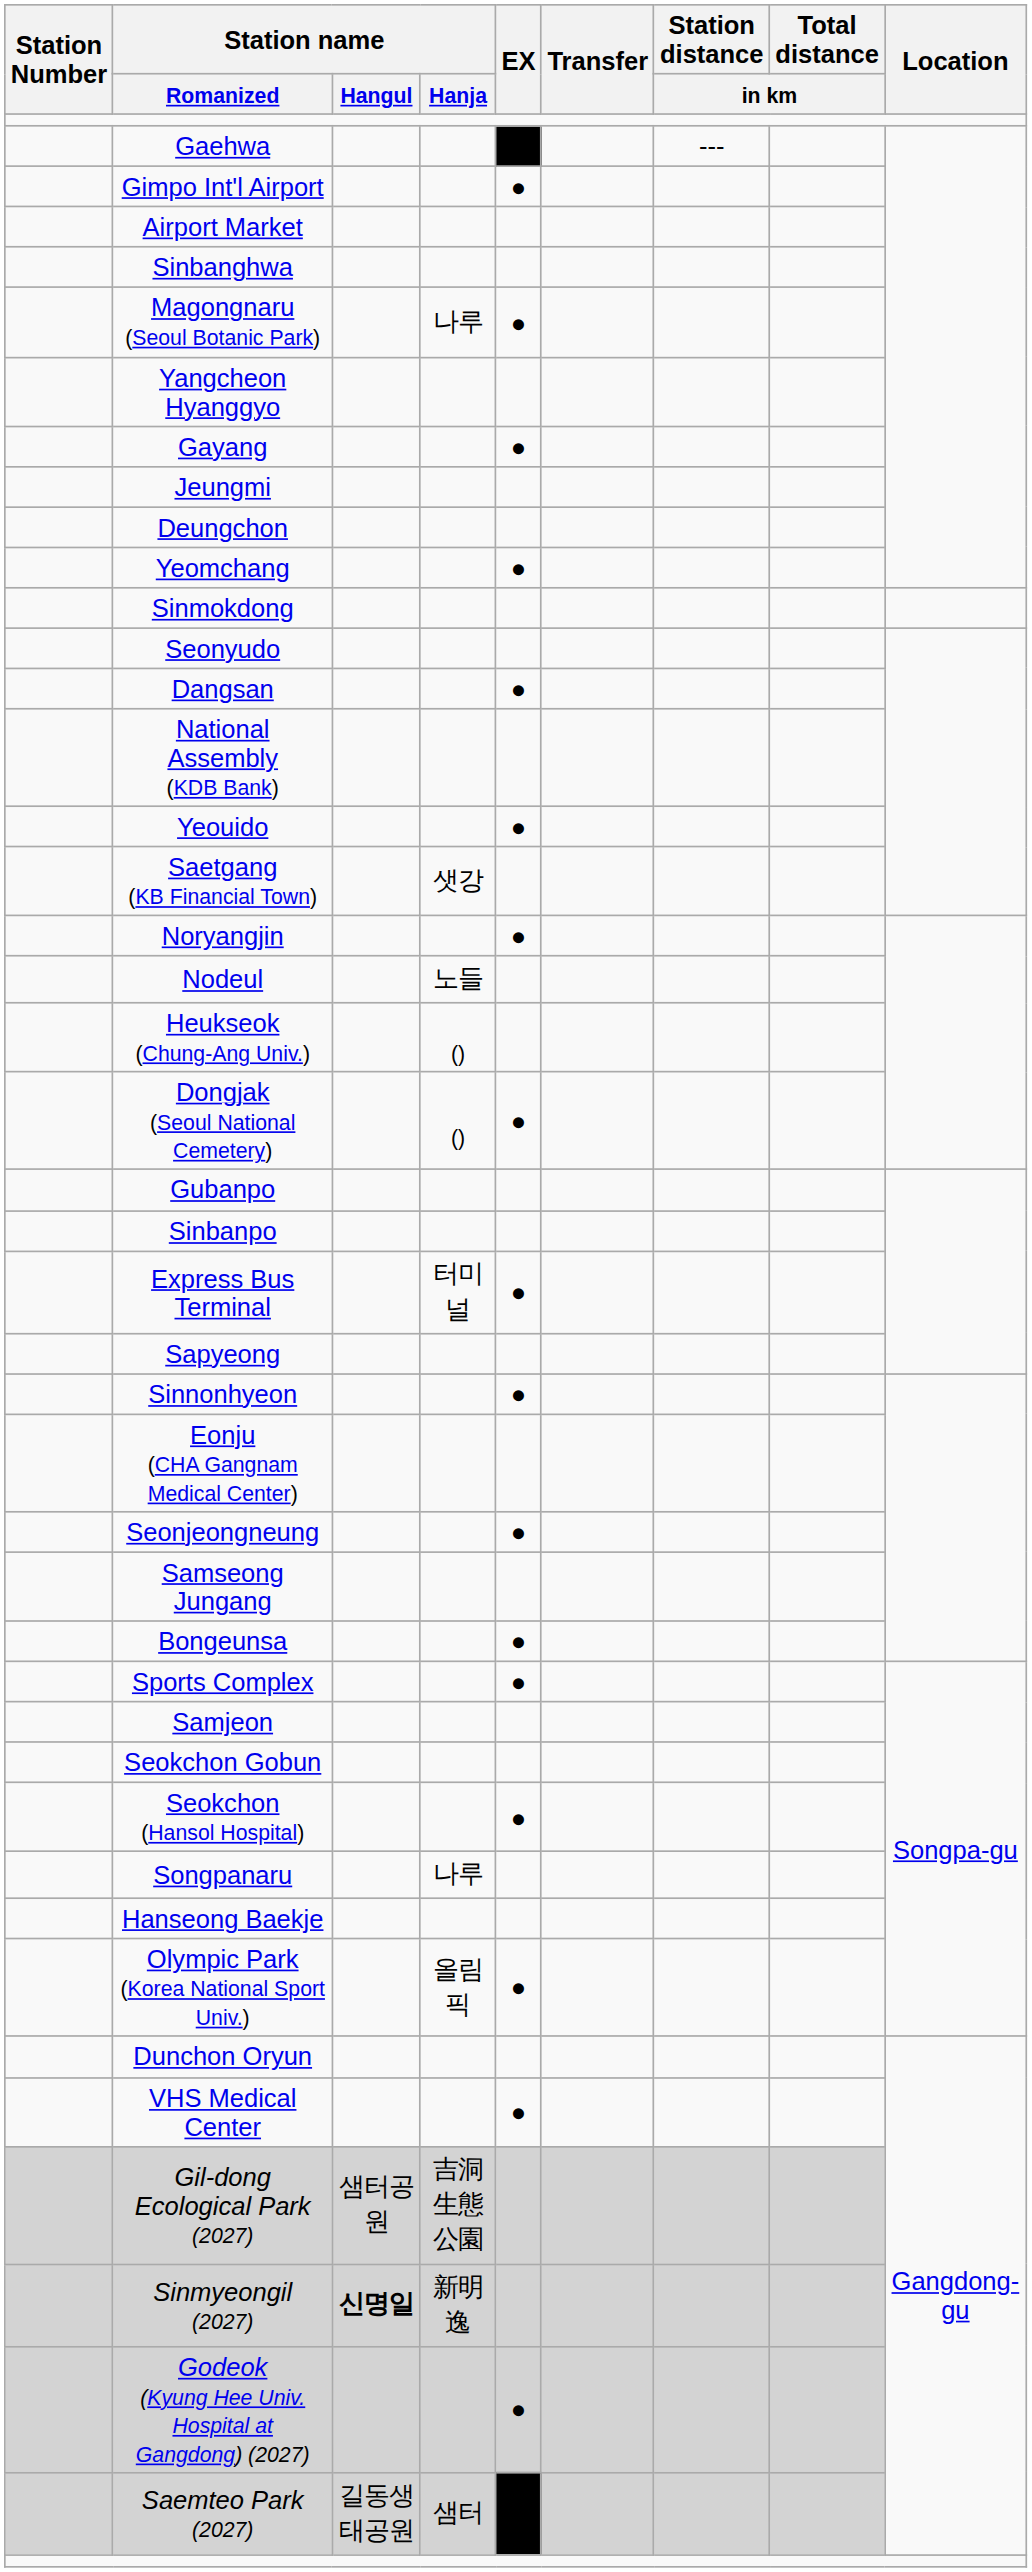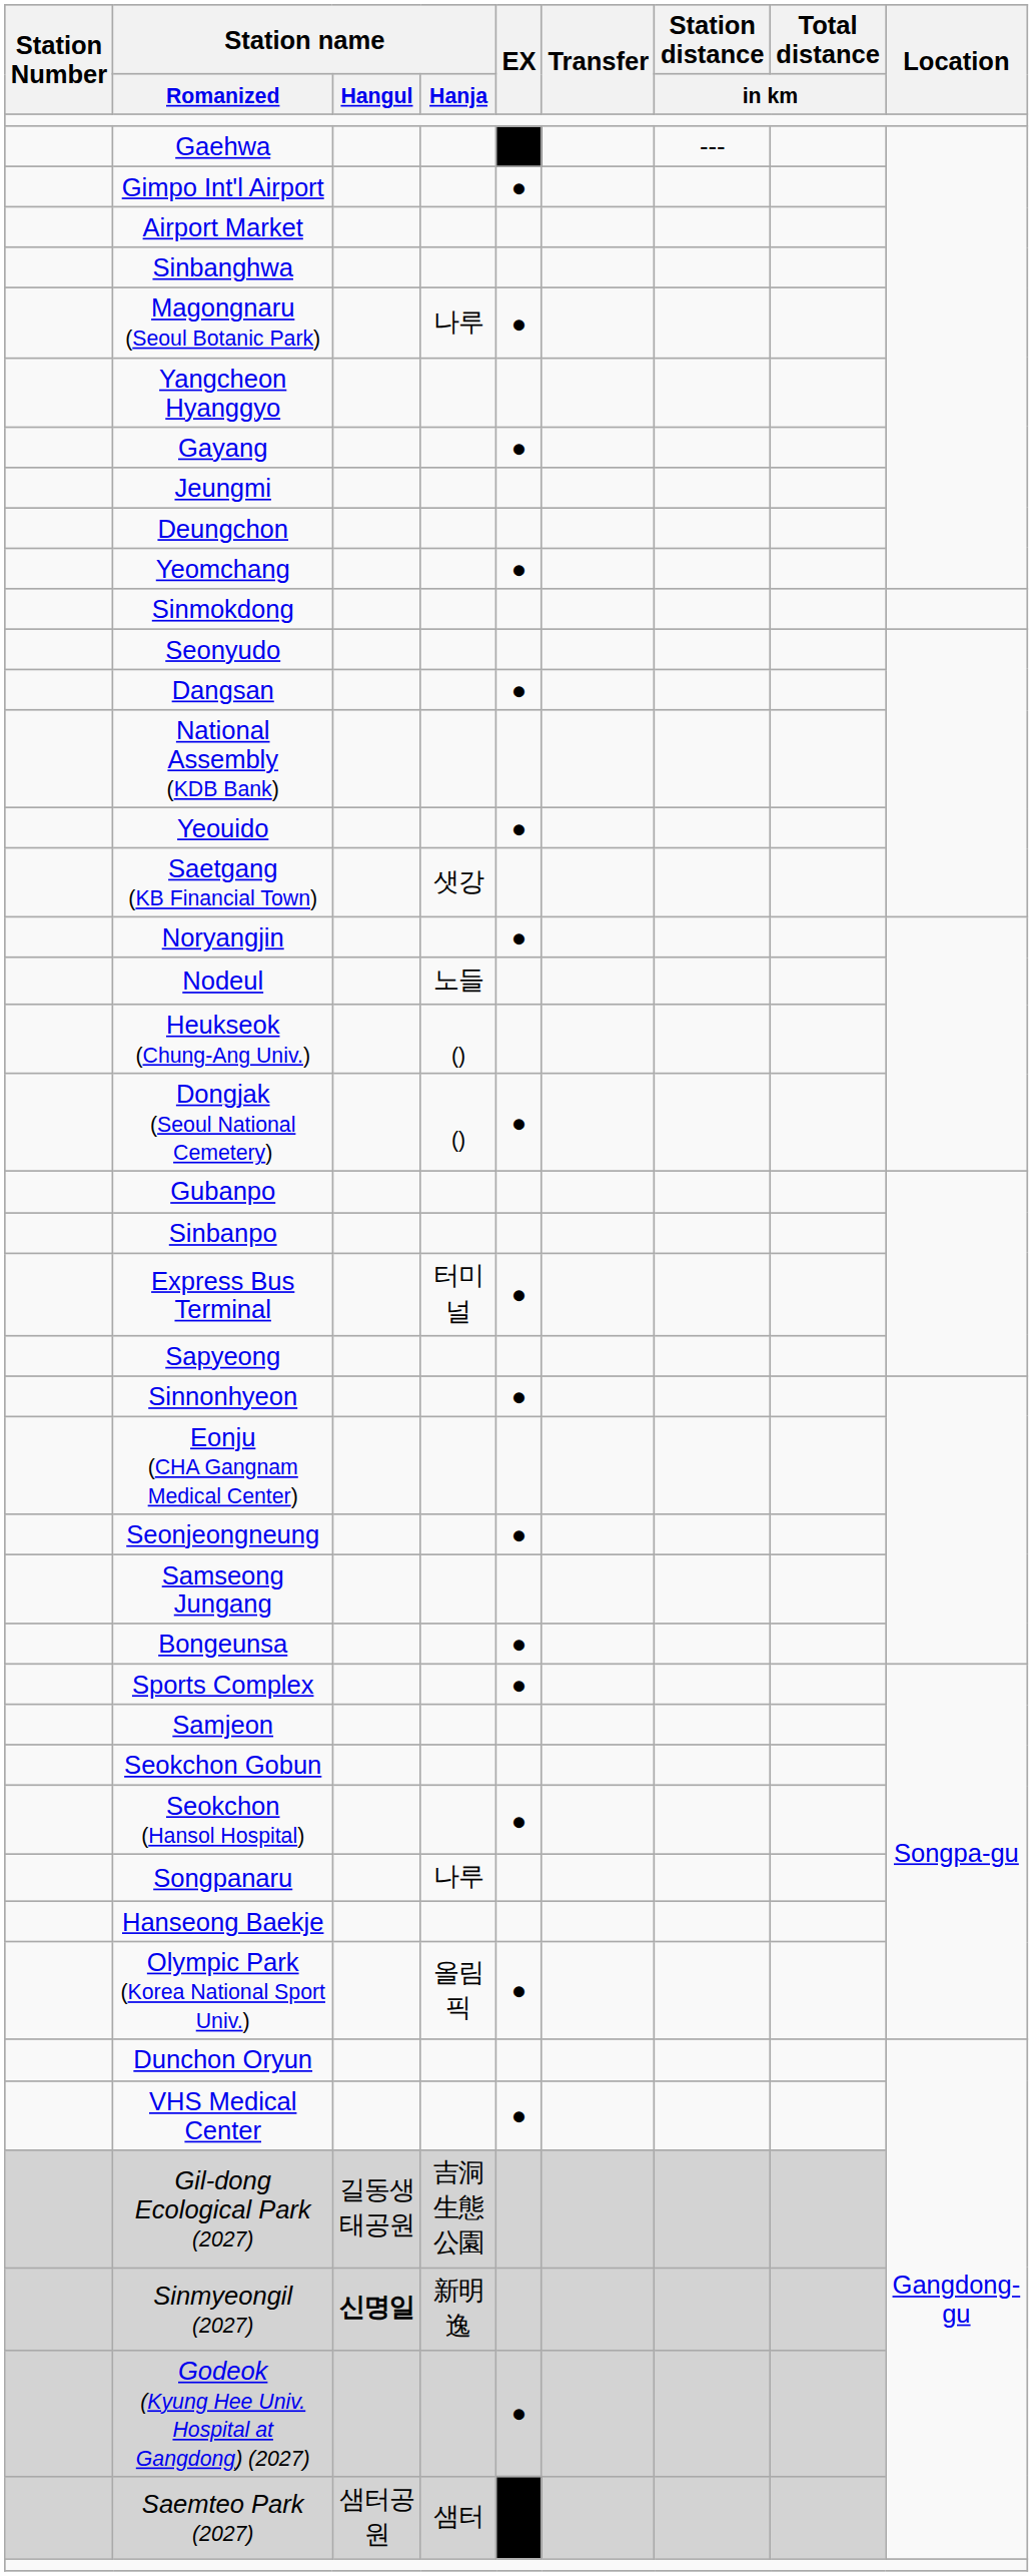 <table class="wikitable" style="font-size: 95%; text-align: center;">
 <tr>
 <th rowspan="2"><strong>Station<br>Number</strong></th>
 <th colspan="3"><strong>Station name</strong></th>
 <th rowspan="2"><div><span><strong>EX</strong></span></div></th>
 <th rowspan="2"><strong>Transfer</strong></th>
 <th><strong>Station<br>distance</strong></th>
 <th><strong>Total<br>distance</strong></th>
 <th rowspan="2"><strong>Location</strong></th>
 </tr>
 <tr>
 <th><small><a href='#'>Romanized</a></small></th>
 <th><small><a href='#'>Hangul</a></small></th>
 <th><small><a href='#'>Hanja</a></small></th>
 <th colspan="2"><small>in km</small></th>
 </tr>
 <tr style="background:#">
 <td colspan="11"></td>
 </tr>
 <tr>
 <td></td>
 <td><a href='#'>Gaehwa</a></td>
 <td></td>
 <td></td>
 <td style="background: black;"></td>
 <td></td>
 <td>---</td>
 <td></td>
 <td rowspan="10"></td>
 </tr>
 <tr>
 <td></td>
 <td><a href='#'>Gimpo Int'l Airport</a></td>
 <td></td>
 <td></td>
 <td><div><span>●</span></div></td>
 <td>   </td>
 <td></td>
 <td></td>
 </tr>
 <tr>
 <td></td>
 <td><a href='#'>Airport Market</a></td>
 <td></td>
 <td></td>
 <td><div><span></span></div></td>
 <td></td>
 <td></td>
 <td></td>
 </tr>
 <tr>
 <td></td>
 <td><a href='#'>Sinbanghwa</a></td>
 <td></td>
 <td></td>
 <td><div><span></span></div></td>
 <td></td>
 <td></td>
 <td></td>
 </tr>
 <tr>
 <td></td>
 <td><a href='#'>Magongnaru</a> <br><small>(<a href='#'>Seoul Botanic Park</a>)</small></td>
 <td></td>
 <td>나루</td>
 <td><div><span>●</span></div></td>
 <td><em></em></td>
 <td></td>
 <td></td>
 </tr>
 <tr>
 <td></td>
 <td><a href='#'>Yangcheon Hyanggyo</a></td>
 <td></td>
 <td></td>
 <td><div><span></span></div></td>
 <td></td>
 <td></td>
 <td></td>
 </tr>
 <tr>
 <td></td>
 <td><a href='#'>Gayang</a></td>
 <td></td>
 <td></td>
 <td><div><span>●</span></div></td>
 <td></td>
 <td></td>
 <td></td>
 </tr>
 <tr>
 <td></td>
 <td><a href='#'>Jeungmi</a></td>
 <td></td>
 <td></td>
 <td><div><span></span></div></td>
 <td></td>
 <td></td>
 <td></td>
 </tr>
 <tr>
 <td></td>
 <td><a href='#'>Deungchon</a></td>
 <td></td>
 <td></td>
 <td><div><span></span></div></td>
 <td></td>
 <td></td>
 <td></td>
 </tr>
 <tr>
 <td></td>
 <td><a href='#'>Yeomchang</a></td>
 <td></td>
 <td></td>
 <td><div><span>●</span></div></td>
 <td></td>
 <td></td>
 <td></td>
 </tr>
 <tr>
 <td></td>
 <td><a href='#'>Sinmokdong</a></td>
 <td></td>
 <td></td>
 <td><div><span></span></div></td>
 <td></td>
 <td></td>
 <td></td>
 <td></td>
 </tr>
 <tr>
 <td></td>
 <td><a href='#'>Seonyudo</a></td>
 <td></td>
 <td></td>
 <td><div><span></span></div></td>
 <td></td>
 <td></td>
 <td></td>
 <td rowspan="5"></td>
 </tr>
 <tr>
 <td></td>
 <td><a href='#'>Dangsan</a></td>
 <td></td>
 <td></td>
 <td><div><span>●</span></div></td>
 <td></td>
 <td></td>
 <td></td>
 </tr>
 <tr>
 <td></td>
 <td><a href='#'>National Assembly</a> <br><small>(<a href='#'>KDB Bank</a>)</small></td>
 <td></td>
 <td></td>
 <td><div><span></span></div></td>
 <td></td>
 <td></td>
 <td></td>
 </tr>
 <tr>
 <td></td>
 <td><a href='#'>Yeouido</a></td>
 <td></td>
 <td></td>
 <td><div><span>●</span></div></td>
 <td></td>
 <td></td>
 <td></td>
 </tr>
 <tr>
 <td></td>
 <td><a href='#'>Saetgang</a> <br><small>(<a href='#'>KB Financial Town</a>)</small></td>
 <td></td>
 <td>샛강</td>
 <td><div><span></span></div></td>
 <td></td>
 <td></td>
 <td></td>
 </tr>
 <tr>
 <td></td>
 <td><a href='#'>Noryangjin</a></td>
 <td></td>
 <td></td>
 <td><div><span>●</span></div></td>
 <td></td>
 <td></td>
 <td></td>
 <td rowspan="4"></td>
 </tr>
 <tr>
 <td></td>
 <td><a href='#'>Nodeul</a></td>
 <td></td>
 <td>노들</td>
 <td><div><span></span></div></td>
 <td></td>
 <td></td>
 <td></td>
 </tr>
 <tr>
 <td></td>
 <td><a href='#'>Heukseok</a> <br><small>(<a href='#'>Chung-Ang Univ.</a>)</small></td>
 <td></td>
 <td> <br><small>()</small></td>
 <td><div><span></span></div></td>
 <td></td>
 <td></td>
 <td></td>
 </tr>
 <tr>
 <td></td>
 <td><a href='#'>Dongjak</a> <br><small>(<a href='#'>Seoul National Cemetery</a>)</small></td>
 <td></td>
 <td> <br><small>()</small></td>
 <td><div><span>●</span></div></td>
 <td></td>
 <td></td>
 <td></td>
 </tr>
 <tr>
 <td></td>
 <td><a href='#'>Gubanpo</a></td>
 <td></td>
 <td></td>
 <td><div><span></span></div></td>
 <td></td>
 <td></td>
 <td></td>
 <td rowspan="4"></td>
 </tr>
 <tr>
 <td></td>
 <td><a href='#'>Sinbanpo</a></td>
 <td></td>
 <td></td>
 <td><div><span></span></div></td>
 <td></td>
 <td></td>
 <td></td>
 </tr>
 <tr>
 <td></td>
 <td><a href='#'>Express Bus Terminal</a></td>
 <td></td>
 <td>터미널</td>
 <td><div><span>●</span></div></td>
 <td> </td>
 <td></td>
 <td></td>
 </tr>
 <tr>
 <td></td>
 <td><a href='#'>Sapyeong</a></td>
 <td></td>
 <td></td>
 <td><div><span></span></div></td>
 <td></td>
 <td></td>
 <td></td>
 </tr>
 <tr>
 <td></td>
 <td><a href='#'>Sinnonhyeon</a></td>
 <td></td>
 <td></td>
 <td><div><span>●</span></div></td>
 <td><em></em></td>
 <td></td>
 <td></td>
 <td rowspan="5"></td>
 </tr>
 <tr>
 <td></td>
 <td><a href='#'>Eonju</a> <br><small>(<a href='#'>CHA Gangnam Medical Center</a>)</small></td>
 <td></td>
 <td></td>
 <td><div><span></span></div></td>
 <td></td>
 <td></td>
 <td></td>
 </tr>
 <tr>
 <td></td>
 <td><a href='#'>Seonjeongneung</a></td>
 <td></td>
 <td></td>
 <td><div><span>●</span></div></td>
 <td></td>
 <td></td>
 <td></td>
 </tr>
 <tr>
 <td></td>
 <td><a href='#'>Samseong Jungang</a></td>
 <td></td>
 <td></td>
 <td><div><span></span></div></td>
 <td></td>
 <td></td>
 <td></td>
 </tr>
 <tr>
 <td></td>
 <td><a href='#'>Bongeunsa</a></td>
 <td></td>
 <td></td>
 <td><div><span>●</span></div></td>
 <td></td>
 <td></td>
 <td></td>
 </tr>
 <tr>
 <td></td>
 <td><a href='#'>Sports Complex</a></td>
 <td></td>
 <td></td>
 <td><div><span>●</span></div></td>
 <td></td>
 <td></td>
 <td></td>
 <td rowspan="7" style="text-align:center;"><a href='#'>Songpa-gu</a></td>
 </tr>
 <tr>
 <td></td>
 <td><a href='#'>Samjeon</a></td>
 <td></td>
 <td></td>
 <td><div><span></span></div></td>
 <td></td>
 <td></td>
 <td></td>
 </tr>
 <tr>
 <td></td>
 <td><a href='#'>Seokchon Gobun</a></td>
 <td></td>
 <td></td>
 <td><div><span></span></div></td>
 <td></td>
 <td></td>
 <td></td>
 </tr>
 <tr>
 <td></td>
 <td><a href='#'>Seokchon</a> <br><small>(<a href='#'>Hansol Hospital</a>)</small></td>
 <td></td>
 <td></td>
 <td><div><span>●</span></div></td>
 <td></td>
 <td></td>
 <td></td>
 </tr>
 <tr>
 <td></td>
 <td><a href='#'>Songpanaru</a></td>
 <td></td>
 <td>나루</td>
 <td><div><span></span></div></td>
 <td></td>
 <td></td>
 <td></td>
 </tr>
 <tr>
 <td></td>
 <td><a href='#'>Hanseong Baekje</a></td>
 <td></td>
 <td></td>
 <td><div><span></span></div></td>
 <td></td>
 <td></td>
 <td></td>
 </tr>
 <tr>
 <td></td>
 <td><a href='#'>Olympic Park</a> <br><small> (<a href='#'>Korea National Sport Univ.</a>)</small></td>
 <td></td>
 <td>올림픽</td>
 <td><div><span>●</span></div></td>
 <td></td>
 <td></td>
 <td></td>
 </tr>
 <tr>
 <td></td>
 <td><a href='#'>Dunchon Oryun</a></td>
 <td></td>
 <td></td>
 <td><div><span></span></div></td>
 <td></td>
 <td></td>
 <td></td>
 <td rowspan="6" align="center"><a href='#'>Gangdong-gu</a></td>
 </tr>
 <tr>
 <td></td>
 <td><a href='#'>VHS Medical Center</a></td>
 <td></td>
 <td></td>
 <td><div><span>●</span></div></td>
 <td></td>
 <td></td>
 <td></td>
 </tr>
 <tr>
 <td bgcolor="lightgrey"></td>
 <td bgcolor="lightgrey"><em>Gil-dong Ecological Park <small>(2027)</small></em></td>
-<td bgcolor="lightgrey">샘터공원</td>
+<td bgcolor="lightgrey">길동생태공원</td>
 <td bgcolor="lightgrey">吉洞生態公園</td>
 <td bgcolor="lightgrey"><div><span></span></div></td>
 <td bgcolor="lightgrey"></td>
 <td bgcolor="lightgrey"></td>
 <td bgcolor="lightgrey"></td>
 </tr>
 <tr>
 <td bgcolor="lightgrey"></td>
 <td bgcolor="lightgrey"><em>Sinmyeongil <small>(2027)</small></em></td>
 <td bgcolor="lightgrey"><strong>신명일</strong></td>
 <td bgcolor="lightgrey">新明逸</td>
 <td bgcolor="lightgrey"><div><span></span></div></td>
 <td bgcolor="lightgrey"></td>
 <td bgcolor="lightgrey"></td>
 <td bgcolor="lightgrey"></td>
 </tr>
 <tr>
 <td bgcolor="lightgrey"></td>
 <td bgcolor="lightgrey"><em><a href='#'>Godeok</a><br><small>(<a href='#'>Kyung Hee Univ. Hospital at Gangdong</a>) (2027)</small></em></td>
 <td bgcolor="lightgrey"></td>
 <td bgcolor="lightgrey"></td>
 <td bgcolor="lightgrey"><div><span>●</span></div></td>
 <td bgcolor="lightgrey"></td>
 <td bgcolor="lightgrey"></td>
 <td bgcolor="lightgrey"></td>
 </tr>
 <tr>
 <td bgcolor="lightgrey"></td>
 <td bgcolor="lightgrey"><em>Saemteo Park <small>(2027)</small></em></td>
-<td bgcolor="lightgrey">길동생태공원</td>
+<td bgcolor="lightgrey">샘터공원</td>
 <td bgcolor="lightgrey">샘터</td>
 <td style="background: black;"></td>
 <td bgcolor="lightgrey"></td>
 <td bgcolor="lightgrey"></td>
 <td bgcolor="lightgrey"></td>
 </tr>
 <tr style="background:#">
 <td colspan="11"></td>
 </tr>
 </table>
